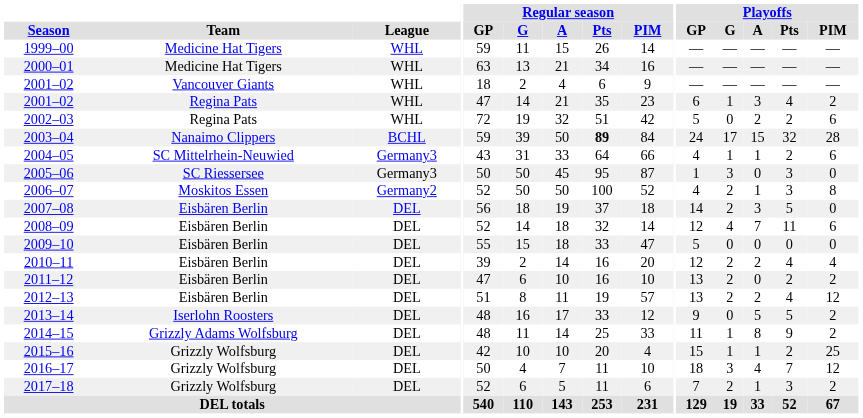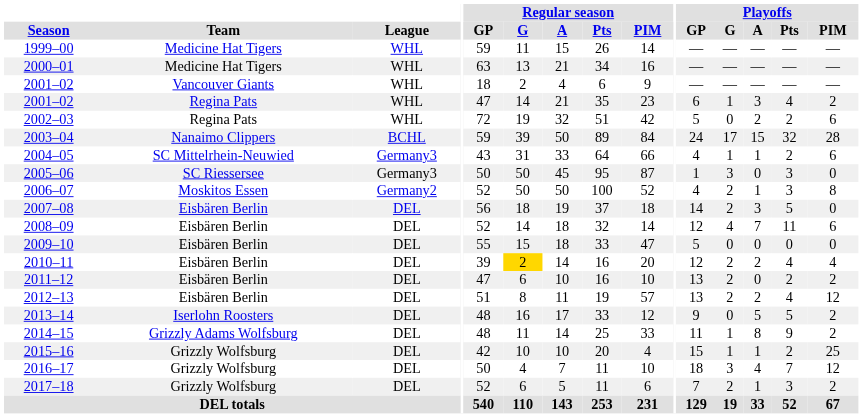 <table border="0" cellpadding="1" cellspacing="0" style="text-align:center; width:60em">
 <tr bgcolor="#e0e0e0">
 <th colspan="3" bgcolor="#ffffff"></th>
 <th rowspan="99" bgcolor="#ffffff"></th>
 <th colspan="5"><a href='#'>Regular season</a></th>
 <th rowspan="99" bgcolor="#ffffff"></th>
 <th colspan="5"><a href='#'>Playoffs</a></th>
 </tr>
 <tr bgcolor="#e0e0e0">
 <th><a href='#'>Season</a></th>
 <th>Team</th>
 <th>League</th>
 <th>GP</th>
 <th><a href='#'>G</a></th>
 <th><a href='#'>A</a></th>
 <th><a href='#'>Pts</a></th>
 <th><a href='#'>PIM</a></th>
 <th>GP</th>
 <th>G</th>
 <th>A</th>
 <th>Pts</th>
 <th>PIM</th>
 </tr>
 <tr>
 <td><a href='#'>1999–00</a></td>
 <td><a href='#'>Medicine Hat Tigers</a></td>
 <td><a href='#'>WHL</a></td>
 <td>59</td>
 <td>11</td>
 <td>15</td>
 <td>26</td>
 <td>14</td>
 <td>—</td>
 <td>—</td>
 <td>—</td>
 <td>—</td>
 <td>—</td>
 </tr>
 <tr bgcolor="#f0f0f0">
 <td><a href='#'>2000–01</a></td>
 <td>Medicine Hat Tigers</td>
 <td>WHL</td>
 <td>63</td>
 <td>13</td>
 <td>21</td>
 <td>34</td>
 <td>16</td>
 <td>—</td>
 <td>—</td>
 <td>—</td>
 <td>—</td>
 <td>—</td>
 </tr>
 <tr>
 <td><a href='#'>2001–02</a></td>
 <td><a href='#'>Vancouver Giants</a></td>
 <td>WHL</td>
 <td>18</td>
 <td>2</td>
 <td>4</td>
 <td>6</td>
 <td>9</td>
 <td>—</td>
 <td>—</td>
 <td>—</td>
 <td>—</td>
 <td>—</td>
 </tr>
 <tr bgcolor="#f0f0f0">
 <td><a href='#'>2001–02</a></td>
 <td><a href='#'>Regina Pats</a></td>
 <td>WHL</td>
 <td>47</td>
 <td>14</td>
 <td>21</td>
 <td>35</td>
 <td>23</td>
 <td>6</td>
 <td>1</td>
 <td>3</td>
 <td>4</td>
 <td>2</td>
 </tr>
 <tr>
 <td><a href='#'>2002–03</a></td>
 <td>Regina Pats</td>
 <td>WHL</td>
 <td>72</td>
 <td>19</td>
 <td>32</td>
 <td>51</td>
 <td>42</td>
 <td>5</td>
 <td>0</td>
 <td>2</td>
 <td>2</td>
 <td>6</td>
 </tr>
 <tr bgcolor="#f0f0f0">
 <td><a href='#'>2003–04</a></td>
 <td><a href='#'>Nanaimo Clippers</a></td>
 <td><a href='#'>BCHL</a></td>
 <td>59</td>
 <td>39</td>
 <td>50</td>
-<td><strong>89</strong></td>
+<td>89</td>
 <td>84</td>
 <td>24</td>
 <td>17</td>
 <td>15</td>
 <td>32</td>
 <td>28</td>
 </tr>
 <tr>
 <td><a href='#'>2004–05</a></td>
 <td><a href='#'>SC Mittelrhein-Neuwied</a></td>
 <td><a href='#'>Germany3</a></td>
 <td>43</td>
 <td>31</td>
 <td>33</td>
 <td>64</td>
 <td>66</td>
 <td>4</td>
 <td>1</td>
 <td>1</td>
 <td>2</td>
 <td>6</td>
 </tr>
 <tr bgcolor="#f0f0f0">
 <td><a href='#'>2005–06</a></td>
 <td><a href='#'>SC Riessersee</a></td>
 <td>Germany3</td>
 <td>50</td>
 <td>50</td>
 <td>45</td>
 <td>95</td>
 <td>87</td>
 <td>1</td>
 <td>3</td>
 <td>0</td>
 <td>3</td>
 <td>0</td>
 </tr>
 <tr>
 <td><a href='#'>2006–07</a></td>
 <td><a href='#'>Moskitos Essen</a></td>
 <td><a href='#'>Germany2</a></td>
 <td>52</td>
 <td>50</td>
 <td>50</td>
 <td>100</td>
 <td>52</td>
 <td>4</td>
 <td>2</td>
 <td>1</td>
 <td>3</td>
 <td>8</td>
 </tr>
 <tr bgcolor="#f0f0f0">
 <td><a href='#'>2007–08</a></td>
 <td><a href='#'>Eisbären Berlin</a></td>
 <td><a href='#'>DEL</a></td>
 <td>56</td>
 <td>18</td>
 <td>19</td>
 <td>37</td>
 <td>18</td>
 <td>14</td>
 <td>2</td>
 <td>3</td>
 <td>5</td>
 <td>0</td>
 </tr>
 <tr>
 <td><a href='#'>2008–09</a></td>
 <td>Eisbären Berlin</td>
 <td>DEL</td>
 <td>52</td>
 <td>14</td>
 <td>18</td>
 <td>32</td>
 <td>14</td>
 <td>12</td>
 <td>4</td>
 <td>7</td>
 <td>11</td>
 <td>6</td>
 </tr>
 <tr bgcolor="#f0f0f0">
 <td><a href='#'>2009–10</a></td>
 <td>Eisbären Berlin</td>
 <td>DEL</td>
 <td>55</td>
 <td>15</td>
 <td>18</td>
 <td>33</td>
 <td>47</td>
 <td>5</td>
 <td>0</td>
 <td>0</td>
 <td>0</td>
 <td>0</td>
 </tr>
 <tr>
 <td><a href='#'>2010–11</a></td>
 <td>Eisbären Berlin</td>
 <td>DEL</td>
 <td>39</td>
-<td>2</td>
+<td style="background: gold;">2</td>
 <td>14</td>
 <td>16</td>
 <td>20</td>
 <td>12</td>
 <td>2</td>
 <td>2</td>
 <td>4</td>
 <td>4</td>
 </tr>
 <tr bgcolor="#f0f0f0">
 <td><a href='#'>2011–12</a></td>
 <td>Eisbären Berlin</td>
 <td>DEL</td>
 <td>47</td>
 <td>6</td>
 <td>10</td>
 <td>16</td>
 <td>10</td>
 <td>13</td>
 <td>2</td>
 <td>0</td>
 <td>2</td>
 <td>2</td>
 </tr>
 <tr>
 <td><a href='#'>2012–13</a></td>
 <td>Eisbären Berlin</td>
 <td>DEL</td>
 <td>51</td>
 <td>8</td>
 <td>11</td>
 <td>19</td>
 <td>57</td>
 <td>13</td>
 <td>2</td>
 <td>2</td>
 <td>4</td>
 <td>12</td>
 </tr>
 <tr bgcolor="#f0f0f0">
 <td><a href='#'>2013–14</a></td>
 <td><a href='#'>Iserlohn Roosters</a></td>
 <td>DEL</td>
 <td>48</td>
 <td>16</td>
 <td>17</td>
 <td>33</td>
 <td>12</td>
 <td>9</td>
 <td>0</td>
 <td>5</td>
 <td>5</td>
 <td>2</td>
 </tr>
 <tr>
 <td><a href='#'>2014–15</a></td>
 <td><a href='#'>Grizzly Adams Wolfsburg</a></td>
 <td>DEL</td>
 <td>48</td>
 <td>11</td>
 <td>14</td>
 <td>25</td>
 <td>33</td>
 <td>11</td>
 <td>1</td>
 <td>8</td>
 <td>9</td>
 <td>2</td>
 </tr>
 <tr bgcolor="#f0f0f0">
 <td><a href='#'>2015–16</a></td>
 <td>Grizzly Wolfsburg</td>
 <td>DEL</td>
 <td>42</td>
 <td>10</td>
 <td>10</td>
 <td>20</td>
 <td>4</td>
 <td>15</td>
 <td>1</td>
 <td>1</td>
 <td>2</td>
 <td>25</td>
 </tr>
 <tr>
 <td><a href='#'>2016–17</a></td>
 <td>Grizzly Wolfsburg</td>
 <td>DEL</td>
 <td>50</td>
 <td>4</td>
 <td>7</td>
 <td>11</td>
 <td>10</td>
 <td>18</td>
 <td>3</td>
 <td>4</td>
 <td>7</td>
 <td>12</td>
 </tr>
 <tr bgcolor="#f0f0f0">
 <td><a href='#'>2017–18</a></td>
 <td>Grizzly Wolfsburg</td>
 <td>DEL</td>
 <td>52</td>
 <td>6</td>
 <td>5</td>
 <td>11</td>
 <td>6</td>
 <td>7</td>
 <td>2</td>
 <td>1</td>
 <td>3</td>
 <td>2</td>
 </tr>
 <tr>
 </tr>
 <tr ALIGN="center" bgcolor="#e0e0e0">
 <th colspan="3">DEL totals</th>
 <th ALIGN="center">540</th>
 <th ALIGN="center">110</th>
 <th ALIGN="center">143</th>
 <th ALIGN="center">253</th>
 <th ALIGN="center">231</th>
 <th ALIGN="center">129</th>
 <th ALIGN="center">19</th>
 <th ALIGN="center">33</th>
 <th ALIGN="center">52</th>
 <th ALIGN="center">67</th>
 </tr>
 </table>
